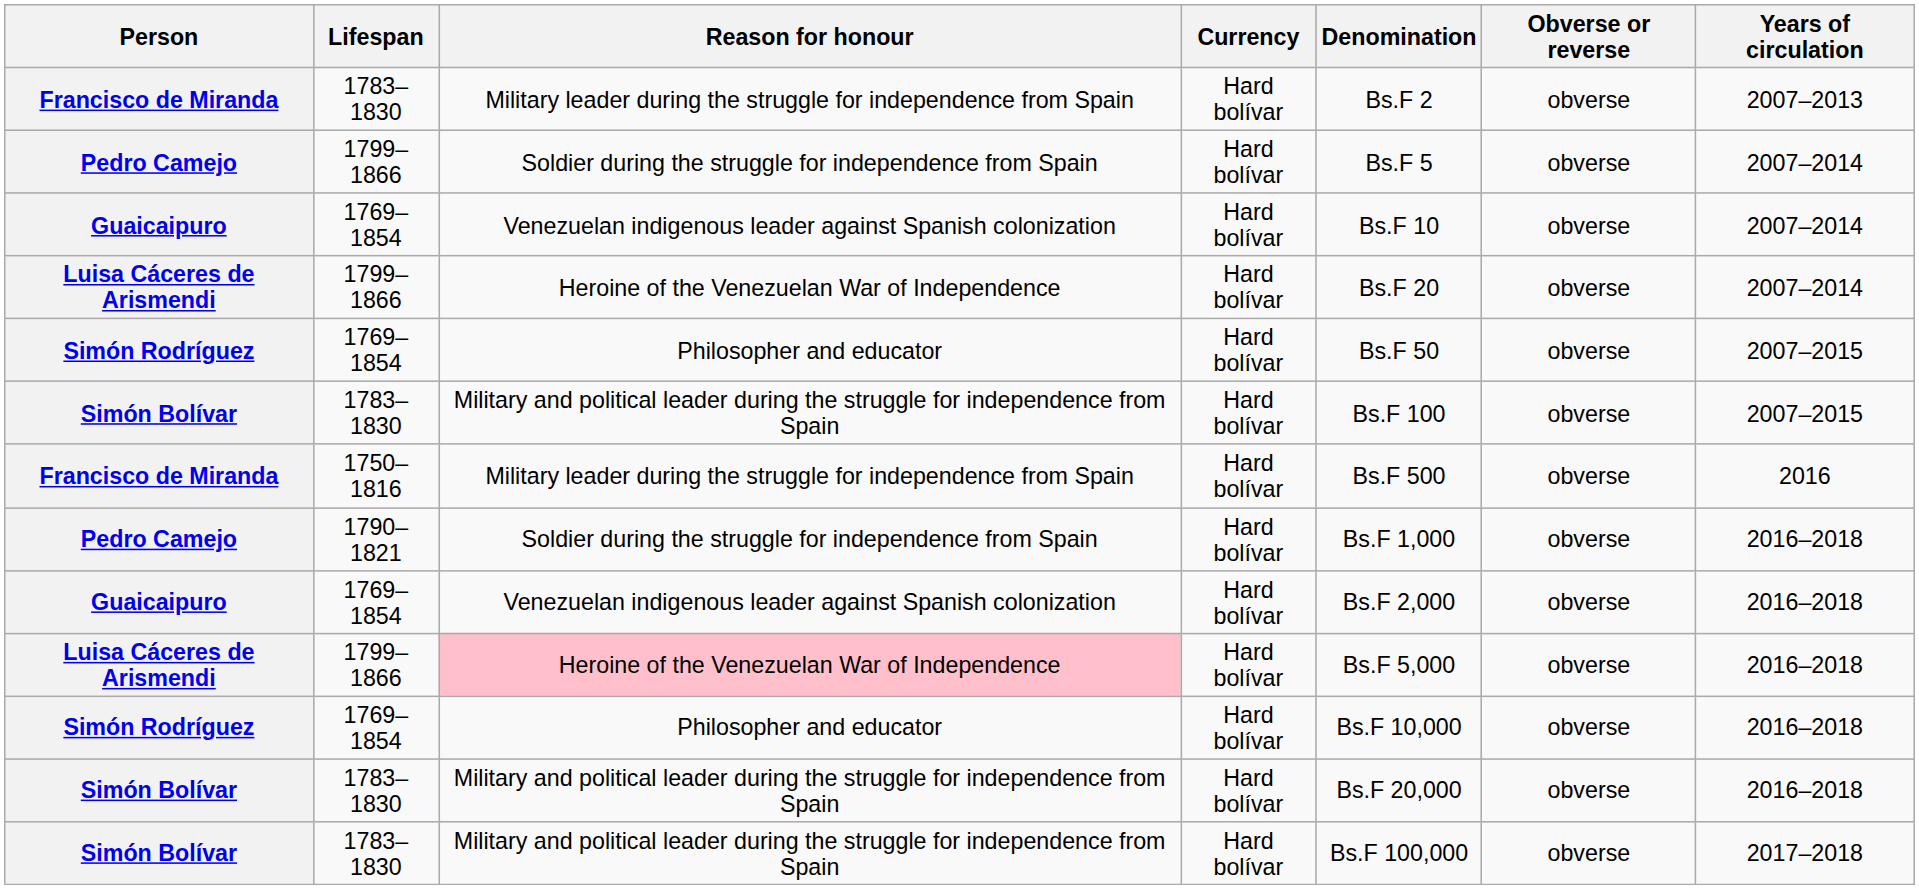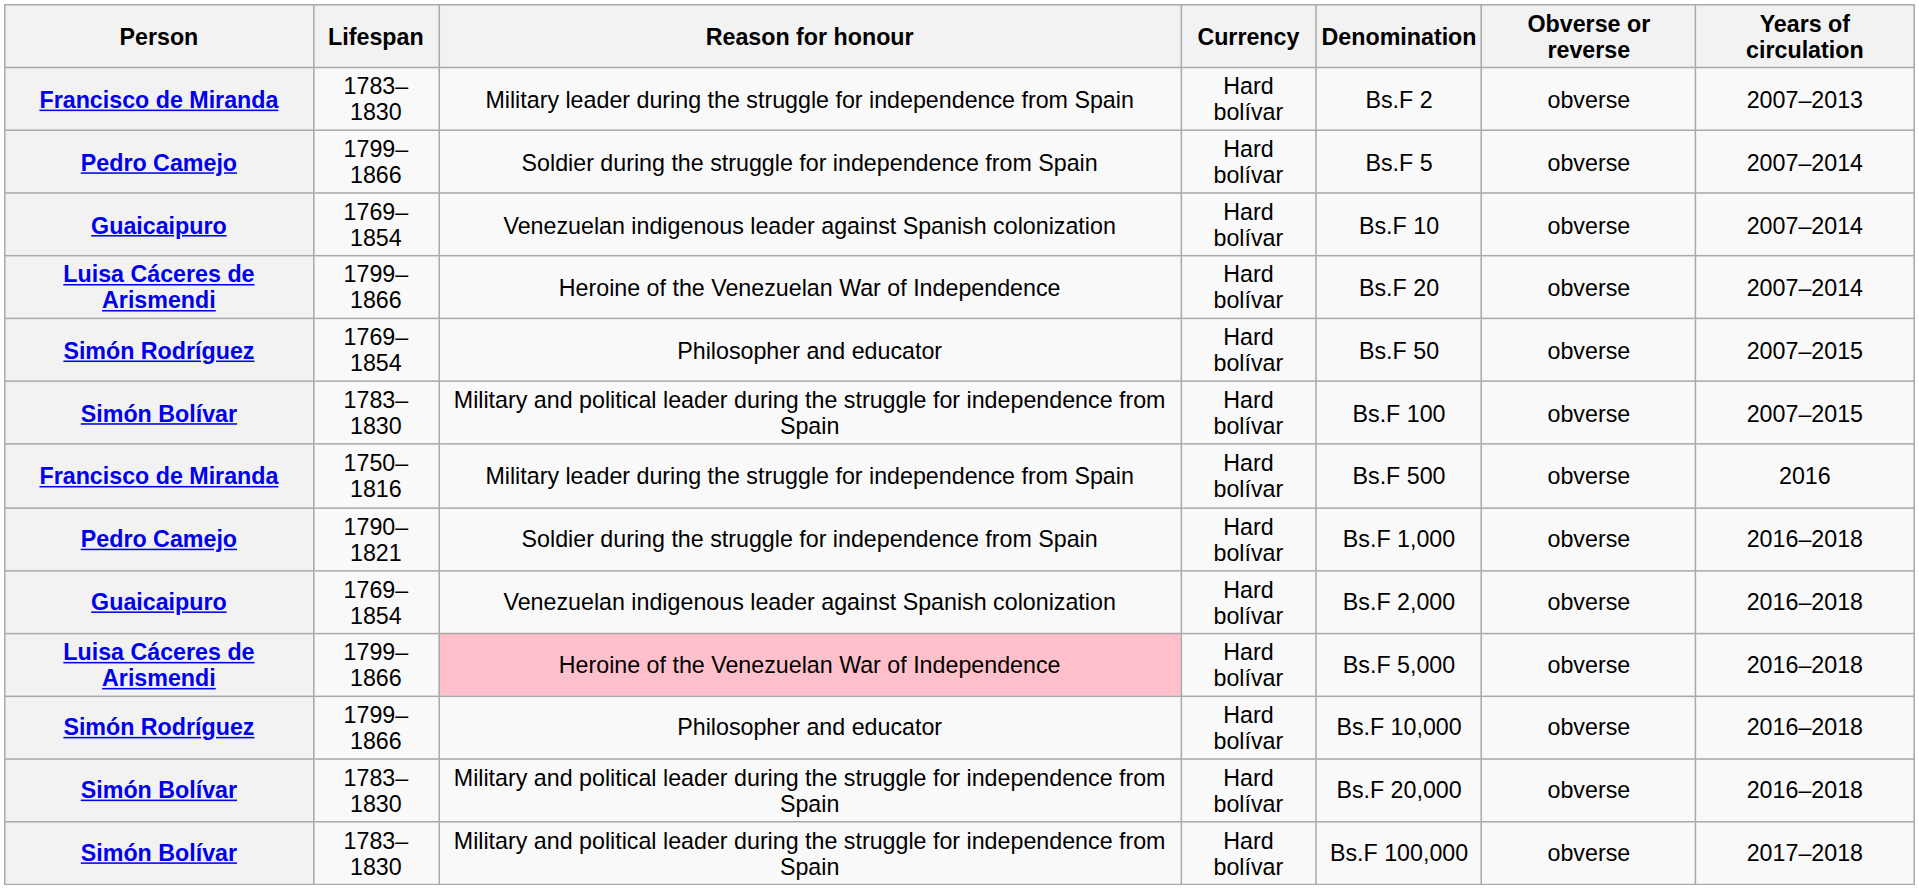 <table class="wikitable" style="font-size:95%; text-align:center;">
 <tr>
 <th>Person</th>
 <th>Lifespan</th>
 <th>Reason for honour</th>
 <th>Currency</th>
 <th>Denomination</th>
 <th>Obverse or reverse</th>
 <th>Years of circulation</th>
 </tr>
 <tr>
 <th><a href='#'>Francisco de Miranda</a></th>
 <td>1783–1830</td>
 <td>Military leader during the struggle for independence from Spain</td>
 <td>Hard bolívar</td>
 <td>Bs.F 2</td>
 <td>obverse</td>
 <td>2007–2013</td>
 </tr>
 <tr>
 <th><a href='#'>Pedro Camejo</a></th>
 <td>1799–1866</td>
 <td>Soldier during the struggle for independence from Spain</td>
 <td>Hard bolívar</td>
 <td>Bs.F 5</td>
 <td>obverse</td>
 <td>2007–2014</td>
 </tr>
 <tr>
 <th><a href='#'>Guaicaipuro</a></th>
 <td>1769–1854</td>
 <td>Venezuelan indigenous leader against Spanish colonization</td>
 <td>Hard bolívar</td>
 <td>Bs.F 10</td>
 <td>obverse</td>
 <td>2007–2014</td>
 </tr>
 <tr>
 <th><a href='#'>Luisa Cáceres de Arismendi</a></th>
 <td>1799–1866</td>
 <td>Heroine of the Venezuelan War of Independence</td>
 <td>Hard bolívar</td>
 <td>Bs.F 20</td>
 <td>obverse</td>
 <td>2007–2014</td>
 </tr>
 <tr>
 <th><a href='#'>Simón Rodríguez</a></th>
 <td>1769–1854</td>
 <td>Philosopher and educator</td>
 <td>Hard bolívar</td>
 <td>Bs.F 50</td>
 <td>obverse</td>
 <td>2007–2015</td>
 </tr>
 <tr>
 <th><a href='#'>Simón Bolívar</a></th>
 <td>1783–1830</td>
 <td>Military and political leader during the struggle for independence from Spain</td>
 <td>Hard bolívar</td>
 <td>Bs.F 100</td>
 <td>obverse</td>
 <td>2007–2015</td>
 </tr>
 <tr>
 <th><a href='#'>Francisco de Miranda</a></th>
 <td>1750–1816</td>
 <td>Military leader during the struggle for independence from Spain</td>
 <td>Hard bolívar</td>
 <td>Bs.F 500</td>
 <td>obverse</td>
 <td>2016</td>
 </tr>
 <tr>
 <th><a href='#'>Pedro Camejo</a></th>
 <td>1790–1821</td>
 <td>Soldier during the struggle for independence from Spain</td>
 <td>Hard bolívar</td>
 <td>Bs.F 1,000</td>
 <td>obverse</td>
 <td>2016–2018</td>
 </tr>
 <tr>
 <th><a href='#'>Guaicaipuro</a></th>
 <td>1769–1854</td>
 <td>Venezuelan indigenous leader against Spanish colonization</td>
 <td>Hard bolívar</td>
 <td>Bs.F 2,000</td>
 <td>obverse</td>
 <td>2016–2018</td>
 </tr>
 <tr>
 <th><a href='#'>Luisa Cáceres de Arismendi</a></th>
 <td>1799–1866</td>
 <td style="background: pink;">Heroine of the Venezuelan War of Independence</td>
 <td>Hard bolívar</td>
 <td>Bs.F 5,000</td>
 <td>obverse</td>
 <td>2016–2018</td>
 </tr>
 <tr>
 <th><a href='#'>Simón Rodríguez</a></th>
-<td>1769–1854</td>
+<td>1799–1866</td>
 <td>Philosopher and educator</td>
 <td>Hard bolívar</td>
 <td>Bs.F 10,000</td>
 <td>obverse</td>
 <td>2016–2018</td>
 </tr>
 <tr>
 <th><a href='#'>Simón Bolívar</a></th>
 <td>1783–1830</td>
 <td>Military and political leader during the struggle for independence from Spain</td>
 <td>Hard bolívar</td>
 <td>Bs.F 20,000</td>
 <td>obverse</td>
 <td>2016–2018</td>
 </tr>
 <tr>
 <th><a href='#'>Simón Bolívar</a></th>
 <td>1783–1830</td>
 <td>Military and political leader during the struggle for independence from Spain</td>
 <td>Hard bolívar</td>
 <td>Bs.F 100,000</td>
 <td>obverse</td>
 <td>2017–2018</td>
 </tr>
 </table>
